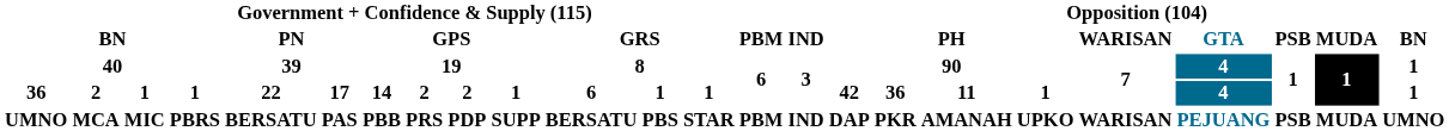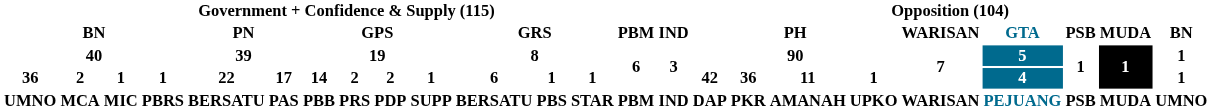 <table style="width:100%; text-align:center;">
 <tr>
 <th colspan="15">Government + Confidence & Supply (<strong>115</strong>)</th>
 <th colspan="9">Opposition (<strong>104</strong>)</th>
 </tr>
 <tr>
 <th colspan="4" align="centre" style="color:">BN</th>
 <th colspan="2" align="centre" style="color:">PN</th>
 <th colspan="4" align="centre" style="color:">GPS</th>
 <th colspan="3" align="centre" style="color:">GRS</th>
 <th align="center" style="color:">PBM</th>
 <th align="center" style="color:">IND</th>
 <th colspan="4" align="centre" style="color:">PH</th>
 <th align="centre" style="color:">WARISAN</th>
 <th colspan="1" align="centre" style="color:#006A8E;">GTA</th>
 <th align="centre" style="color:">PSB</th>
 <th align="center" style="color:">MUDA</th>
 <th align="centre" style="color:">BN</th>
 </tr>
 <tr>
 <td colspan="4" align="center" style="background:"><strong>40</strong></td>
 <td colspan="2" align="center" style="background:"><strong>39</strong></td>
 <td colspan="4" align="center" style="background:"><strong>19</strong></td>
 <td colspan="3" align="center" style="background:"><strong>8</strong></td>
 <td rowspan="2" align="center" style="background:"><strong>6</strong></td>
 <td rowspan="2" align="center" style="background:"><strong>3</strong></td>
 <td colspan="4" align="center" style="background:"><strong>90</strong></td>
 <td rowspan="2" align="center" style="background:"><strong>7</strong></td>
-<td colspan="1" align="center" style="background:#006A8E; color:white;width:1.8%;"><strong>4</strong></td>
+<td colspan="1" align="center" style="background:#006A8E; color:white;width:1.8%;"><strong>5</strong></td>
 <td rowspan="2" align="center" style="background:"><span><strong>1</strong></span></td>
 <td rowspan="2" align="center" style="background:#000000; color:white;width:0.5%;"><strong>1</strong></td>
 <td align="center" style="background:"><strong>1</strong></td>
 </tr>
 <tr>
 <td align="center" style="background:"><strong>36</strong></td>
 <td align="center" style="background:"><strong>2</strong></td>
 <td align="center" style="background:"><strong>1</strong></td>
 <td align="center" style="background:"><strong>1</strong></td>
 <td align="center" style="background:"><strong>22</strong></td>
 <td align="center" style="background:"><strong>17</strong></td>
 <td align="center" style="background:"><strong>14</strong></td>
 <td align="center" style="background:"><strong>2</strong></td>
 <td align="center" style="background:"><strong>2</strong></td>
 <td align="center" style="background:"><strong>1</strong></td>
 <td align="center" style="background:"><strong>6</strong></td>
 <td align="center" style="background:"><strong>1</strong></td>
 <td align="center" style="background:"><strong>1</strong></td>
 <td align="center" style="background:"><strong>42</strong></td>
 <td align="center" style="background:"><strong>36</strong></td>
 <td align="center" style="background:"><strong>11</strong></td>
 <td align="centre" style="background:"><strong>1</strong></td>
 <td align="center" style="background:#006A8E; color:white;width:1.8%;"><strong>4</strong></td>
 <td align="center" style="background:"><strong>1</strong></td>
 </tr>
 <tr>
 <th align="centre" style="color:">UMNO</th>
 <th align="centre" style="color:">MCA</th>
 <th align="centre" style="color:">MIC</th>
 <th align="centre" style="color:">PBRS</th>
 <th align="centre" style="color:">BERSATU</th>
 <th align="centre" style="color:">PAS</th>
 <th align="centre" style="color:">PBB</th>
 <th align="centre" style="color:">PRS</th>
 <th align="centre" style="color:">PDP</th>
 <th align="centre" style="color:">SUPP</th>
 <th align="centre" style="color:">BERSATU</th>
 <th align="centre" style="color:">PBS</th>
 <th align="centre" style="color:">STAR</th>
 <th align="centre" style="color:">PBM</th>
 <th align="centre" style="color:">IND</th>
 <th align="centre" style="color:">DAP</th>
 <th align="centre" style="color:">PKR</th>
 <th align="centre" style="color:">AMANAH</th>
 <th align="centre" style="color:">UPKO</th>
 <th align="centre" style="color:">WARISAN</th>
 <th align="centre" style="color:#006A8E;">PEJUANG</th>
 <th align="centre" style="color:">PSB</th>
 <th align="center" style="color:#000000;">MUDA</th>
 <th align="centre" style="color:">UMNO</th>
 </tr>
 </table>
